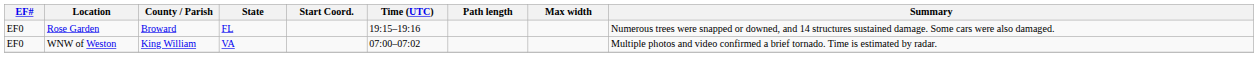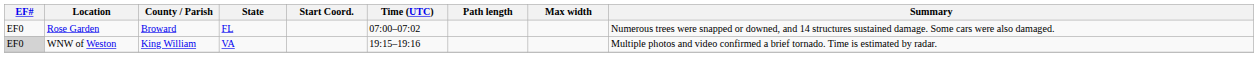 <table class="wikitable sortable" style="width:100%;">
 <tr>
 <th scope="col"  style="width:3%; text-align:center;"><a href='#'>EF#</a></th>
 <th scope="col"  style="width:7%; text-align:center;" class="unsortable">Location</th>
 <th scope="col"  style="width:6%; text-align:center;" class="unsortable">County / Parish</th>
 <th scope="col"  style="width:5%; text-align:center;">State</th>
 <th scope="col"  style="width:6%; text-align:center;">Start Coord.</th>
 <th scope="col"  style="width:6%; text-align:center;">Time (<a href='#'>UTC</a>)</th>
 <th scope="col"  style="width:6%; text-align:center;">Path length</th>
 <th scope="col"  style="width:6%; text-align:center;">Max width</th>
 <th scope="col" class="unsortable" style="width:48%; text-align:center;">Summary</th>
 </tr>
 <tr>
 <td>EF0</td>
 <td><a href='#'>Rose Garden</a></td>
 <td><a href='#'>Broward</a></td>
 <td><a href='#'>FL</a></td>
 <td></td>
-<td>19:15–19:16</td>
+<td>07:00–07:02</td>
 <td></td>
 <td></td>
 <td>Numerous trees were snapped or downed, and 14 structures sustained damage. Some cars were also damaged.</td>
 </tr>
 <tr>
-<td>EF0</td>
+<td style="background: lightgrey;">EF0</td>
 <td>WNW of <a href='#'>Weston</a></td>
 <td><a href='#'>King William</a></td>
 <td><a href='#'>VA</a></td>
 <td></td>
-<td>07:00–07:02</td>
+<td>19:15–19:16</td>
 <td></td>
 <td></td>
 <td>Multiple photos and video confirmed a brief tornado. Time is estimated by radar.</td>
 </tr>
 <tr>
 </tr>
 </table>
